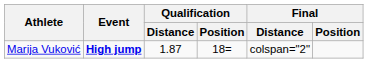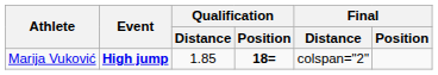 <table class="wikitable" style="font-size:90%">
 <tr>
 <th rowspan="2">Athlete</th>
 <th rowspan="2">Event</th>
 <th colspan="2">Qualification</th>
 <th colspan="2">Final</th>
 </tr>
 <tr>
 <th>Distance</th>
 <th>Position</th>
 <th>Distance</th>
 <th>Position</th>
 </tr>
 <tr style=text-align:center>
 <td style=text-align:left><a href='#'>Marija Vuković</a></td>
 <td style=text-align:left><strong><a href='#'>High jump</a></strong></td>
-<td>1.87</td>
-<td>18=</td>
+<td>1.85</td>
+<td><strong>18=</strong></td>
 <td>colspan="2" </td>
 </tr>
 </table>
